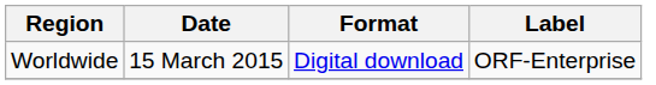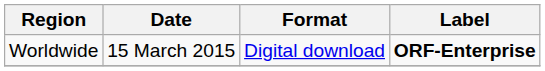 <table class=wikitable>
 <tr>
 <th>Region</th>
 <th>Date</th>
 <th>Format</th>
 <th>Label</th>
 </tr>
 <tr>
 <td>Worldwide</td>
 <td>15 March 2015</td>
 <td><a href='#'>Digital download</a></td>
-<td>ORF-Enterprise</td>
+<td><strong>ORF-Enterprise</strong></td>
 </tr>
 <tr>
 </tr>
 </table>
